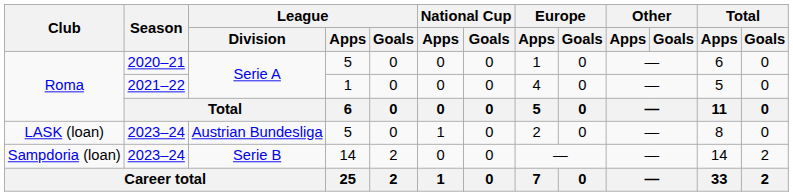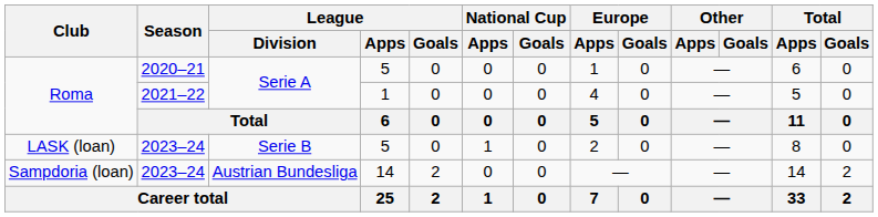 <table class="wikitable" style="text-align:center">
 <tr>
 <th rowspan="2">Club</th>
 <th rowspan="2">Season</th>
 <th colspan="3">League</th>
 <th colspan="2">National Cup</th>
 <th colspan="2">Europe</th>
 <th colspan="2">Other</th>
 <th colspan="2">Total</th>
 </tr>
 <tr>
 <th>Division</th>
 <th>Apps</th>
 <th>Goals</th>
 <th>Apps</th>
 <th>Goals</th>
 <th>Apps</th>
 <th>Goals</th>
 <th>Apps</th>
 <th>Goals</th>
 <th>Apps</th>
 <th>Goals</th>
 </tr>
 <tr>
 <td rowspan="3"><a href='#'>Roma</a></td>
 <td><a href='#'>2020–21</a></td>
 <td rowspan="2"><a href='#'>Serie A</a></td>
 <td>5</td>
 <td>0</td>
 <td>0</td>
 <td>0</td>
 <td>1</td>
 <td>0</td>
 <td colspan="2">—</td>
 <td>6</td>
 <td>0</td>
 </tr>
 <tr>
 <td><a href='#'>2021–22</a></td>
 <td>1</td>
 <td>0</td>
 <td>0</td>
 <td>0</td>
 <td>4</td>
 <td>0</td>
 <td colspan="2">—</td>
 <td>5</td>
 <td>0</td>
 </tr>
 <tr>
 <th colspan="2">Total</th>
 <th>6</th>
 <th>0</th>
 <th>0</th>
 <th>0</th>
 <th>5</th>
 <th>0</th>
 <th colspan="2">—</th>
 <th>11</th>
 <th>0</th>
 </tr>
 <tr>
 <td><a href='#'>LASK</a> (loan)</td>
 <td><a href='#'>2023–24</a></td>
-<td><a href='#'>Austrian Bundesliga</a></td>
+<td><a href='#'>Serie B</a></td>
 <td>5</td>
 <td>0</td>
 <td>1</td>
 <td>0</td>
 <td>2</td>
 <td>0</td>
 <td colspan="2">—</td>
 <td>8</td>
 <td>0</td>
 </tr>
 <tr>
 <td><a href='#'>Sampdoria</a> (loan)</td>
 <td><a href='#'>2023–24</a></td>
-<td><a href='#'>Serie B</a></td>
+<td><a href='#'>Austrian Bundesliga</a></td>
 <td>14</td>
 <td>2</td>
 <td>0</td>
 <td>0</td>
 <td colspan="2">—</td>
 <td colspan="2">—</td>
 <td>14</td>
 <td>2</td>
 </tr>
 <tr>
 <th colspan="3">Career total</th>
 <th>25</th>
 <th>2</th>
 <th>1</th>
 <th>0</th>
 <th>7</th>
 <th>0</th>
 <th colspan="2">—</th>
 <th>33</th>
 <th>2</th>
 </tr>
 </table>
